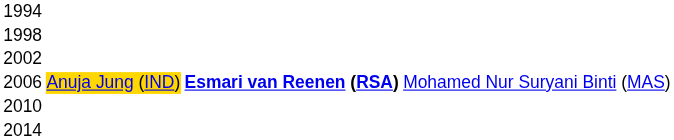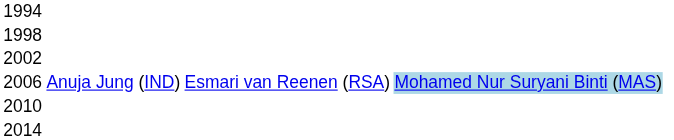 <table>
 <tr>
 <td>1994</td>
 <td></td>
 <td></td>
 <td></td>
 </tr>
 <tr>
 <td>1998</td>
 <td></td>
 <td></td>
 <td></td>
 </tr>
 <tr>
 <td>2002</td>
 <td></td>
 <td></td>
 <td></td>
 </tr>
 <tr>
 <td>2006</td>
-<td style="background: gold;"> <a href='#'>Anuja Jung</a> (<a href='#'>IND</a>)</td>
-<td><strong> <a href='#'>Esmari van Reenen</a> (<a href='#'>RSA</a>)</strong></td>
-<td> <a href='#'>Mohamed Nur Suryani Binti</a> (<a href='#'>MAS</a>)</td>
+<td> <a href='#'>Anuja Jung</a> (<a href='#'>IND</a>)</td>
+<td> <a href='#'>Esmari van Reenen</a> (<a href='#'>RSA</a>)</td>
+<td style="background: lightblue;"> <a href='#'>Mohamed Nur Suryani Binti</a> (<a href='#'>MAS</a>)</td>
 </tr>
 <tr>
 <td>2010<br></td>
 <td></td>
 <td></td>
 <td></td>
 </tr>
 <tr>
 <td>2014<br></td>
 <td></td>
 <td></td>
 <td></td>
 </tr>
 </table>
